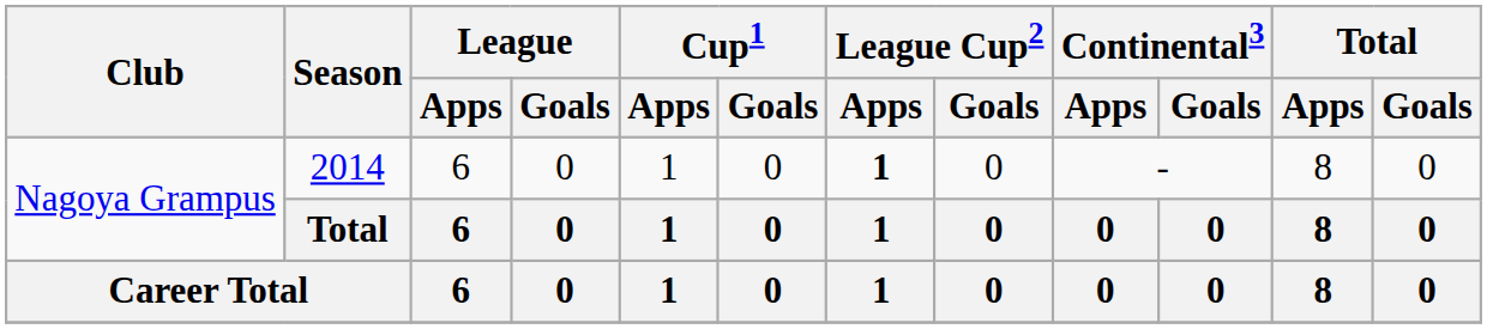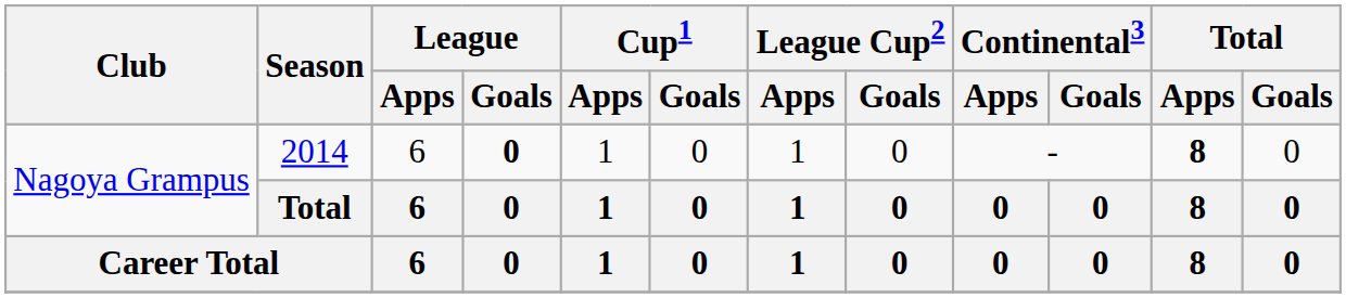 <table class="wikitable" style="font-size:90%; text-align:center;">
 <tr>
 <th rowspan="2">Club</th>
 <th rowspan="2">Season</th>
 <th colspan="2">League</th>
 <th colspan="2">Cup<sup><a href='#'>1</a></sup></th>
 <th colspan="2">League Cup<sup><a href='#'>2</a></sup></th>
 <th colspan="2">Continental<sup><a href='#'>3</a></sup></th>
 <th colspan="2">Total</th>
 </tr>
 <tr>
 <th>Apps</th>
 <th>Goals</th>
 <th>Apps</th>
 <th>Goals</th>
 <th>Apps</th>
 <th>Goals</th>
 <th>Apps</th>
 <th>Goals</th>
 <th>Apps</th>
 <th>Goals</th>
 </tr>
 <tr>
 <td rowspan="2"><a href='#'>Nagoya Grampus</a></td>
 <td><a href='#'>2014</a></td>
 <td>6</td>
+<td><strong>0</strong></td>
+<td>1</td>
 <td>0</td>
 <td>1</td>
 <td>0</td>
-<td><strong>1</strong></td>
-<td>0</td>
 <td colspan="2">-</td>
-<td>8</td>
+<td><strong>8</strong></td>
 <td>0</td>
 </tr>
 <tr>
 <th colspan="1">Total</th>
 <th>6</th>
 <th>0</th>
 <th>1</th>
 <th>0</th>
 <th>1</th>
 <th>0</th>
 <th>0</th>
 <th>0</th>
 <th>8</th>
 <th>0</th>
 </tr>
 <tr>
 <th colspan="2">Career Total</th>
 <th>6</th>
 <th>0</th>
 <th>1</th>
 <th>0</th>
 <th>1</th>
 <th>0</th>
 <th>0</th>
 <th>0</th>
 <th>8</th>
 <th>0</th>
 </tr>
 <tr>
 </tr>
 </table>
